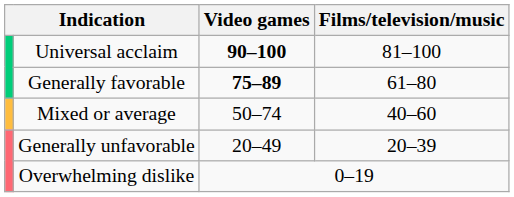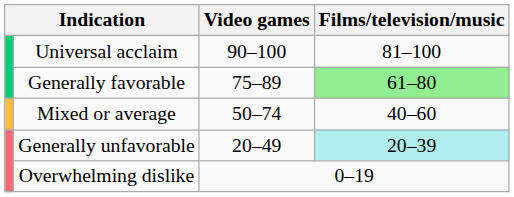 <table class="wikitable sortable plainrowheaders">
 <tr>
 <th colspan="2">Indication</th>
 <th>Video games</th>
 <th>Films/television/music</th>
 </tr>
 <tr style="text-align:center;">
 <td rowspan="2" style="background-color:#00CE7A;"></td>
 <td>Universal acclaim</td>
-<td><strong>90–100</strong></td>
+<td>90–100</td>
 <td>81–100</td>
 </tr>
 <tr style="text-align:center;">
 <td>Generally favorable</td>
-<td><strong>75–89</strong></td>
-<td>61–80</td>
+<td>75–89</td>
+<td style="background: lightgreen;">61–80</td>
 </tr>
 <tr style="text-align:center;">
 <td style="background-color:#FFBD3F;"></td>
 <td>Mixed or average</td>
 <td>50–74</td>
 <td>40–60</td>
 </tr>
 <tr style="text-align:center;">
 <td rowspan="2" style="background-color:#FF6874;"></td>
 <td>Generally unfavorable</td>
 <td>20–49</td>
-<td>20–39</td>
+<td style="background: paleturquoise;">20–39</td>
 </tr>
 <tr style="text-align:center;">
 <td>Overwhelming dislike</td>
 <td colspan="2">0–19</td>
 </tr>
 </table>
